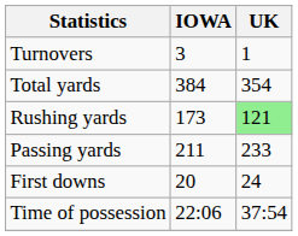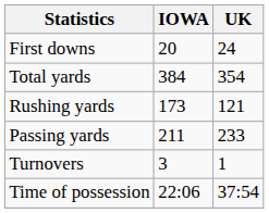 <table class="wikitable">
 <tr>
 <th>Statistics</th>
 <th>IOWA</th>
 <th>UK</th>
 </tr>
 <tr>
-<td>Turnovers</td>
-<td>3</td>
-<td>1</td>
+<td>First downs</td>
+<td>20</td>
+<td>24</td>
 </tr>
 <tr>
 <td>Total yards</td>
 <td>384</td>
 <td>354</td>
 </tr>
 <tr>
 <td>Rushing yards</td>
 <td>173</td>
-<td style="background: lightgreen;">121</td>
+<td>121</td>
 </tr>
 <tr>
 <td>Passing yards</td>
 <td>211</td>
 <td>233</td>
 </tr>
 <tr>
-<td>First downs</td>
-<td>20</td>
-<td>24</td>
+<td>Turnovers</td>
+<td>3</td>
+<td>1</td>
 </tr>
 <tr>
 <td>Time of possession</td>
 <td>22:06</td>
 <td>37:54</td>
 </tr>
 <tr>
 </tr>
 </table>
